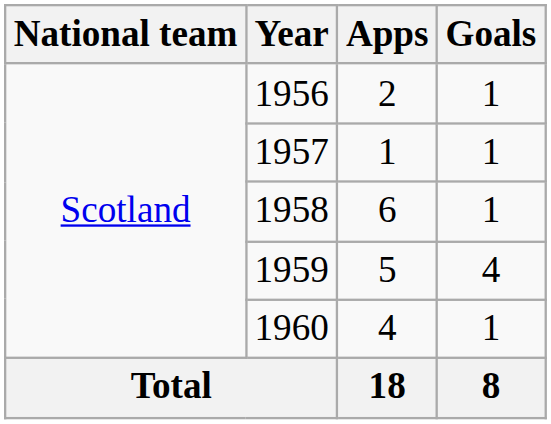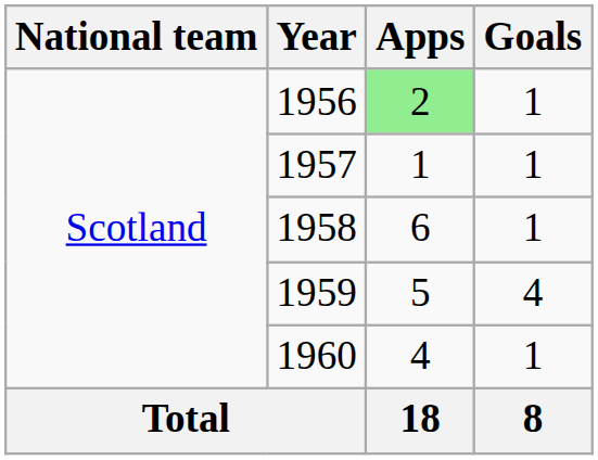 <table class="wikitable" style="text-align:center">
 <tr>
 <th>National team</th>
 <th>Year</th>
 <th>Apps</th>
 <th>Goals</th>
 </tr>
 <tr>
 <td rowspan="5"><a href='#'>Scotland</a></td>
 <td>1956</td>
-<td>2</td>
+<td style="background: lightgreen;">2</td>
 <td>1</td>
 </tr>
 <tr>
 <td>1957</td>
 <td>1</td>
 <td>1</td>
 </tr>
 <tr>
 <td>1958</td>
 <td>6</td>
 <td>1</td>
 </tr>
 <tr>
 <td>1959</td>
 <td>5</td>
 <td>4</td>
 </tr>
 <tr>
 <td>1960</td>
 <td>4</td>
 <td>1</td>
 </tr>
 <tr>
 <th colspan="2">Total</th>
 <th>18</th>
 <th>8</th>
 </tr>
 </table>
